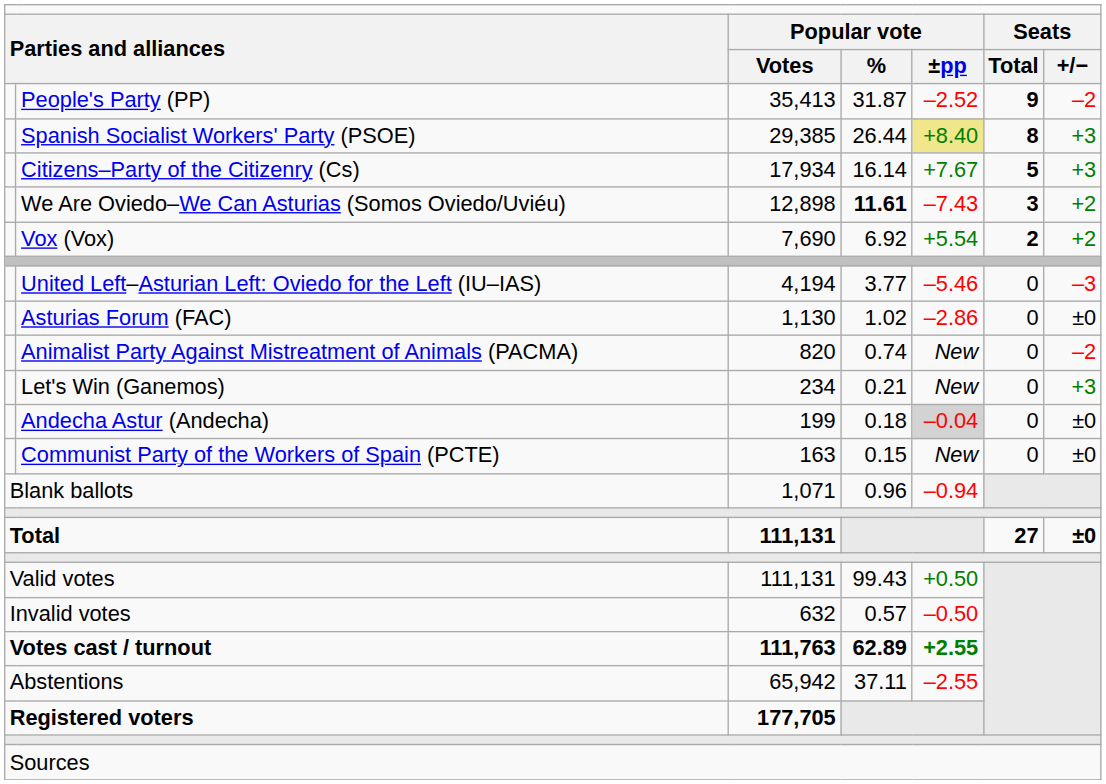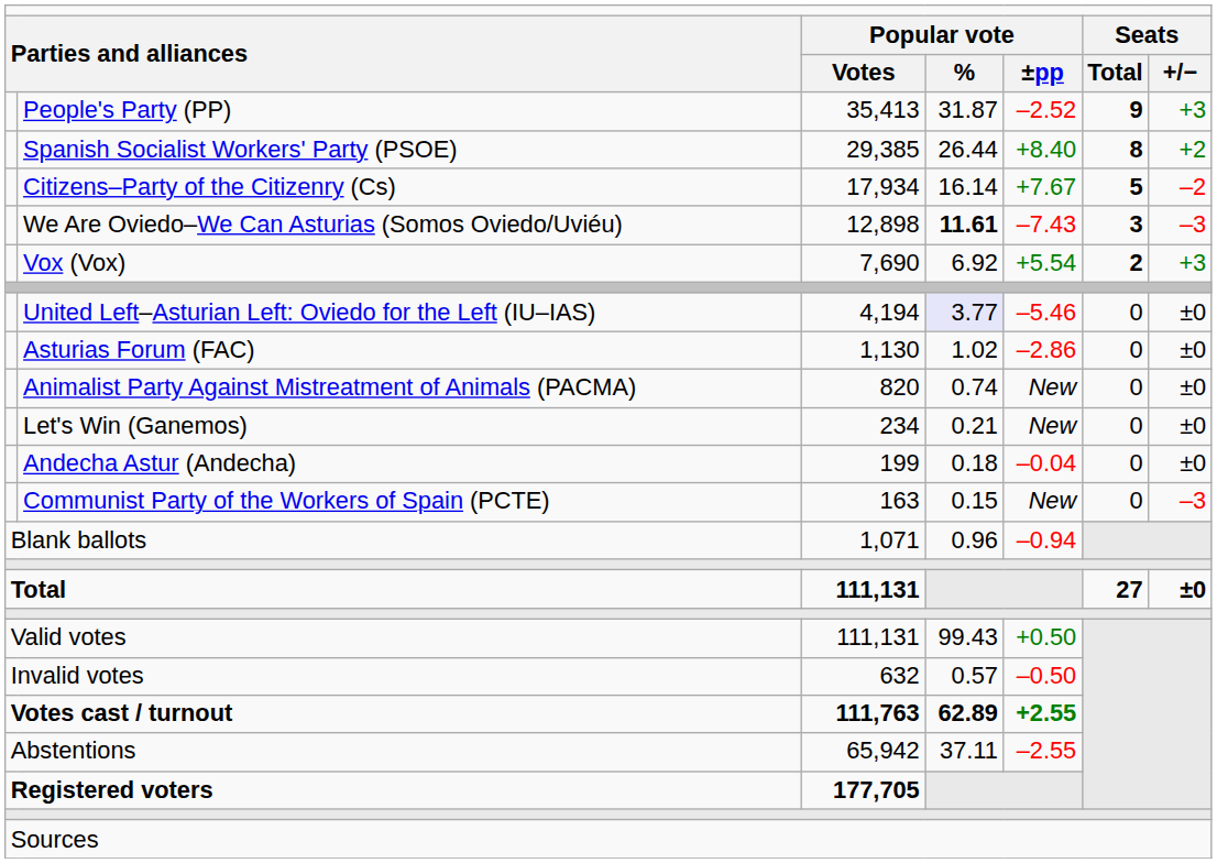 <table class="wikitable" style="text-align:right;">
 <tr>
 <td colspan="7"></td>
 </tr>
 <tr>
 <th style="text-align:left;" rowspan="2" colspan="2" width="525">Parties and alliances</th>
 <th colspan="3">Popular vote</th>
 <th colspan="2">Seats</th>
 </tr>
 <tr>
 <th width="75">Votes</th>
 <th width="45">%</th>
 <th width="45">±<a href='#'>pp</a></th>
 <th width="35">Total</th>
 <th width="35">+/−</th>
 </tr>
 <tr>
 <td width="1" style="color:inherit;background:"></td>
 <td align="left"><a href='#'>People's Party</a> (PP)</td>
 <td>35,413</td>
 <td>31.87</td>
 <td style="color:red;">–2.52</td>
 <td><strong>9</strong></td>
-<td style="color:red;">–2</td>
+<td style="color:green;">+3</td>
 </tr>
 <tr>
 <td style="color:inherit;background:"></td>
 <td align="left"><a href='#'>Spanish Socialist Workers' Party</a> (PSOE)</td>
 <td>29,385</td>
 <td>26.44</td>
-<td style="background: khaki; color:green;">+8.40</td>
+<td style="color:green;">+8.40</td>
 <td><strong>8</strong></td>
-<td style="color:green;">+3</td>
+<td style="color:green;">+2</td>
 </tr>
 <tr>
 <td style="color:inherit;background:"></td>
 <td align="left"><a href='#'>Citizens–Party of the Citizenry</a> (Cs)</td>
 <td>17,934</td>
 <td>16.14</td>
 <td style="color:green;">+7.67</td>
 <td><strong>5</strong></td>
-<td style="color:green;">+3</td>
+<td style="color:red;">–2</td>
 </tr>
 <tr>
 <td style="color:inherit;background:"></td>
 <td align="left">We Are Oviedo–<a href='#'>We Can Asturias</a> (Somos Oviedo/Uviéu)</td>
 <td>12,898</td>
 <td><strong>11.61</strong></td>
 <td style="color:red;">–7.43</td>
 <td><strong>3</strong></td>
-<td style="color:green;">+2</td>
+<td style="color:red;">–3</td>
 </tr>
 <tr>
 <td style="color:inherit;background:"></td>
 <td align="left"><a href='#'>Vox</a> (Vox)</td>
 <td>7,690</td>
 <td>6.92</td>
 <td style="color:green;">+5.54</td>
 <td><strong>2</strong></td>
-<td style="color:green;">+2</td>
+<td style="color:green;">+3</td>
 </tr>
 <tr>
 <td colspan="7" style="color:inherit;background:#C0C0C0"></td>
 </tr>
 <tr>
 <td style="color:inherit;background:"></td>
 <td align="left"><a href='#'>United Left</a>–<a href='#'>Asturian Left: Oviedo for the Left</a> (IU–IAS)</td>
 <td>4,194</td>
-<td>3.77</td>
+<td style="background: lavender;">3.77</td>
 <td style="color:red;">–5.46</td>
 <td>0</td>
-<td style="color:red;">–3</td>
+<td>±0</td>
 </tr>
 <tr>
 <td style="color:inherit;background:"></td>
 <td align="left"><a href='#'>Asturias Forum</a> (FAC)</td>
 <td>1,130</td>
 <td>1.02</td>
 <td style="color:red;">–2.86</td>
 <td>0</td>
 <td>±0</td>
 </tr>
 <tr>
 <td style="color:inherit;background:"></td>
 <td align="left"><a href='#'>Animalist Party Against Mistreatment of Animals</a> (PACMA)</td>
 <td>820</td>
 <td>0.74</td>
 <td><em>New</em></td>
 <td>0</td>
-<td style="color:red;">–2</td>
+<td>±0</td>
 </tr>
 <tr>
 <td style="color:inherit;background:"></td>
 <td align="left">Let's Win (Ganemos)</td>
 <td>234</td>
 <td>0.21</td>
 <td><em>New</em></td>
 <td>0</td>
-<td style="color:green;">+3</td>
+<td>±0</td>
 </tr>
 <tr>
 <td style="color:inherit;background:"></td>
 <td align="left"><a href='#'>Andecha Astur</a> (Andecha)</td>
 <td>199</td>
 <td>0.18</td>
-<td style="background: lightgrey; color:red;">–0.04</td>
+<td style="color:red;">–0.04</td>
 <td>0</td>
 <td>±0</td>
 </tr>
 <tr>
 <td style="color:inherit;background:"></td>
 <td align="left"><a href='#'>Communist Party of the Workers of Spain</a> (PCTE)</td>
 <td>163</td>
 <td>0.15</td>
 <td><em>New</em></td>
 <td>0</td>
-<td>±0</td>
+<td style="color:red;">–3</td>
 </tr>
 <tr>
 <td align="left" colspan="2">Blank ballots</td>
 <td>1,071</td>
 <td>0.96</td>
 <td style="color:red;">–0.94</td>
 <td style="color:inherit;background:#E9E9E9" colspan="2"></td>
 </tr>
 <tr>
 <td colspan="7" style="color:inherit;background:#E9E9E9"></td>
 </tr>
 <tr style="font-weight:bold;">
 <td align="left" colspan="2">Total</td>
 <td>111,131</td>
 <td bgcolor="#E9E9E9" colspan="2"></td>
 <td>27</td>
 <td>±0</td>
 </tr>
 <tr>
 <td colspan="7" style="color:inherit;background:#E9E9E9"></td>
 </tr>
 <tr>
 <td align="left" colspan="2">Valid votes</td>
 <td>111,131</td>
 <td>99.43</td>
 <td style="color:green;">+0.50</td>
 <td bgcolor="#E9E9E9" colspan="2" rowspan="5"></td>
 </tr>
 <tr>
 <td align="left" colspan="2">Invalid votes</td>
 <td>632</td>
 <td>0.57</td>
 <td style="color:red;">–0.50</td>
 </tr>
 <tr style="font-weight:bold;">
 <td align="left" colspan="2">Votes cast / turnout</td>
 <td>111,763</td>
 <td>62.89</td>
 <td style="color:green;">+2.55</td>
 </tr>
 <tr>
 <td align="left" colspan="2">Abstentions</td>
 <td>65,942</td>
 <td>37.11</td>
 <td style="color:red;">–2.55</td>
 </tr>
 <tr style="font-weight:bold;">
 <td align="left" colspan="2">Registered voters</td>
 <td>177,705</td>
 <td bgcolor="#E9E9E9" colspan="2"></td>
 </tr>
 <tr>
 <td colspan="7" style="color:inherit;background:#E9E9E9"></td>
 </tr>
 <tr>
 <td align="left" colspan="7">Sources</td>
 </tr>
 </table>
